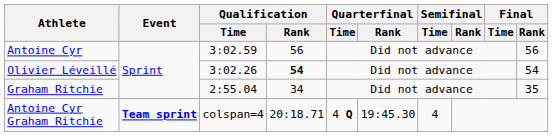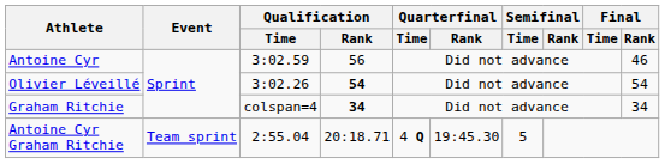 <table class=wikitable style=font-size:90%;text-align:center>
 <tr>
 <th rowspan=2>Athlete</th>
 <th rowspan=2>Event</th>
 <th colspan=2>Qualification</th>
 <th colspan=2>Quarterfinal</th>
 <th colspan=2>Semifinal</th>
 <th colspan=2>Final</th>
 </tr>
 <tr style=font-size:95%>
 <th>Time</th>
 <th>Rank</th>
 <th>Time</th>
 <th>Rank</th>
 <th>Time</th>
 <th>Rank</th>
 <th>Time</th>
 <th>Rank</th>
 </tr>
 <tr>
 <td align=left><a href='#'>Antoine Cyr</a></td>
 <td align=left rowspan=3><a href='#'>Sprint</a></td>
 <td>3:02.59</td>
 <td>56</td>
 <td colspan=5>Did not advance</td>
-<td>56</td>
+<td>46</td>
 </tr>
 <tr>
 <td align=left><a href='#'>Olivier Léveillé</a></td>
 <td>3:02.26</td>
 <td><strong>54</strong></td>
 <td colspan=5>Did not advance</td>
 <td>54</td>
 </tr>
 <tr>
 <td align=left><a href='#'>Graham Ritchie</a></td>
-<td>2:55.04</td>
+<td>colspan=4 </td>
+<td><strong>34</strong></td>
+<td colspan=5>Did not advance</td>
 <td>34</td>
-<td colspan=5>Did not advance</td>
-<td>35</td>
 </tr>
 <tr>
 <td align=left><a href='#'>Antoine Cyr</a><br><a href='#'>Graham Ritchie</a></td>
-<td align=left><strong><a href='#'>Team sprint</a></strong></td>
-<td>colspan=4 </td>
+<td align=left><a href='#'>Team sprint</a></td>
+<td>2:55.04</td>
 <td>20:18.71</td>
 <td>4 <strong>Q</strong></td>
 <td>19:45.30</td>
-<td>4</td>
+<td>5</td>
 </tr>
 </table>
